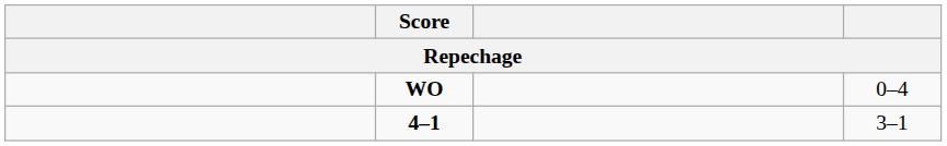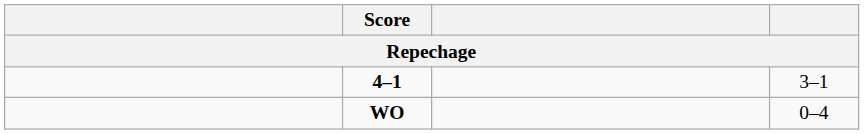 <table class="wikitable" style="text-align: left;">
 <tr>
 <th align="right" width="270"></th>
 <th width="65">Score</th>
 <th align="left" width="270"></th>
 <th width="65"></th>
 </tr>
 <tr>
 <th colspan=4>Repechage</th>
 </tr>
 <tr>
+<td><strong></strong></td>
+<td align="center"><strong>4–1</strong></td>
+<td></td>
+<td align=center>3–1 <strong></strong></td>
+</tr>
+<tr>
 <td></td>
 <td align="center"><strong>WO</strong></td>
 <td><strong></strong></td>
 <td align=center>0–4 <strong></strong></td>
 </tr>
-<tr>
-<td><strong></strong></td>
-<td align="center"><strong>4–1</strong></td>
-<td></td>
-<td align=center>3–1 <strong></strong></td>
-</tr>
 </table>
